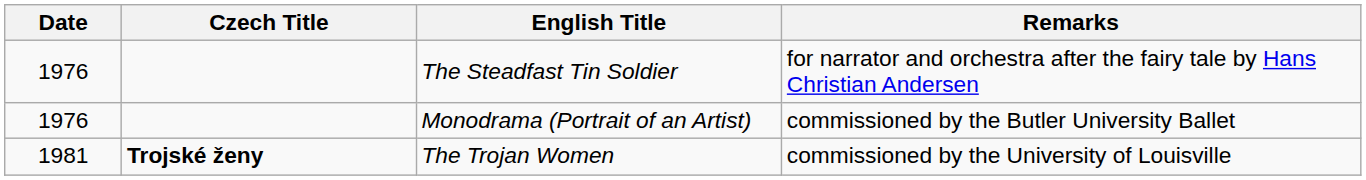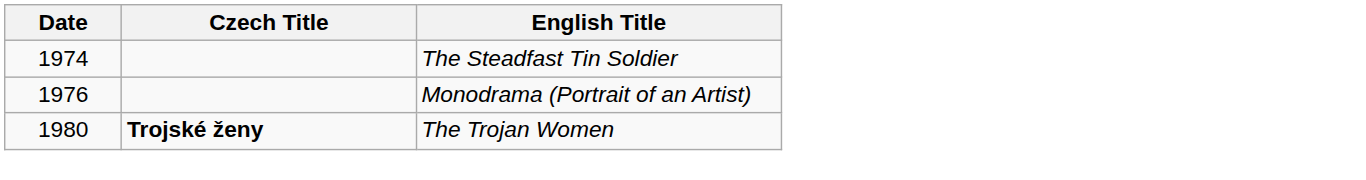 <table class="wikitable" style="margins:auto; width=95%;">
 <tr>
 <th width="75">Date</th>
 <th width="200">Czech Title</th>
 <th width="250">English Title</th>
-<th width="400">Remarks</th>
 </tr>
 <tr>
-<td align=center>1976</td>
+<td align=center>1974</td>
 <td> </td>
 <td><em>The Steadfast Tin Soldier</em></td>
-<td>for narrator and orchestra after the fairy tale by <a href='#'>Hans Christian Andersen</a></td>
 </tr>
 <tr>
 <td align=center>1976</td>
 <td> </td>
 <td><em>Monodrama (Portrait of an Artist)</em></td>
-<td>commissioned by the Butler University Ballet</td>
 </tr>
 <tr>
-<td align=center>1981</td>
+<td align=center>1980</td>
 <td><strong>Trojské ženy</strong></td>
 <td><em>The Trojan Women</em></td>
-<td>commissioned by the University of Louisville</td>
 </tr>
 </table>
